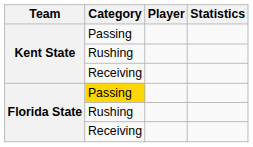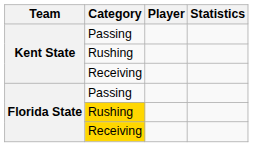 <table class="wikitable" style="float:right">
 <tr>
 <th>Team</th>
 <th>Category</th>
 <th>Player</th>
 <th>Statistics</th>
 </tr>
 <tr>
 <th rowspan=3>Kent State</th>
 <td>Passing</td>
 <td></td>
 <td></td>
 </tr>
 <tr>
 <td>Rushing</td>
 <td></td>
 <td></td>
 </tr>
 <tr>
 <td>Receiving</td>
 <td></td>
 <td></td>
 </tr>
 <tr>
 <th rowspan=3>Florida State</th>
-<td style="background: gold;">Passing</td>
+<td>Passing</td>
 <td></td>
 <td></td>
 </tr>
 <tr>
-<td>Rushing</td>
+<td style="background: gold;">Rushing</td>
 <td></td>
 <td></td>
 </tr>
 <tr>
-<td>Receiving</td>
+<td style="background: gold;">Receiving</td>
 <td></td>
 <td></td>
 </tr>
 </table>
